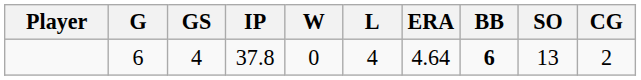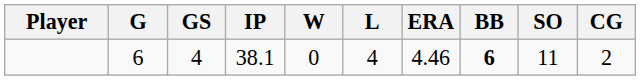 <table class="wikitable sortable">
 <tr>
 <th bgcolor="#DDDDFF" width="16%">Player</th>
 <th bgcolor="#DDDDFF" width="9%">G</th>
 <th bgcolor="#DDDDFF" width="9%">GS</th>
 <th bgcolor="#DDDDFF" width="9%">IP</th>
 <th bgcolor="#DDDDFF" width="9%">W</th>
 <th bgcolor="#DDDDFF" width="9%">L</th>
 <th bgcolor="#DDDDFF" width="9%">ERA</th>
 <th bgcolor="#DDDDFF" width="9%">BB</th>
 <th bgcolor="#DDDDFF" width="9%">SO</th>
 <th bgcolor="#DDDDFF" width="9%">CG</th>
 </tr>
 <tr align="center">
 <td></td>
 <td>6</td>
 <td>4</td>
-<td>37.8</td>
+<td>38.1</td>
 <td>0</td>
 <td>4</td>
-<td>4.64</td>
+<td>4.46</td>
 <td><strong>6</strong></td>
-<td>13</td>
+<td>11</td>
 <td>2</td>
 </tr>
 </table>
